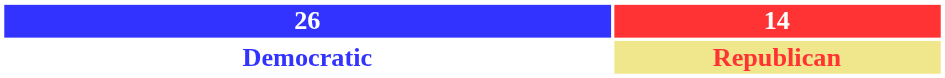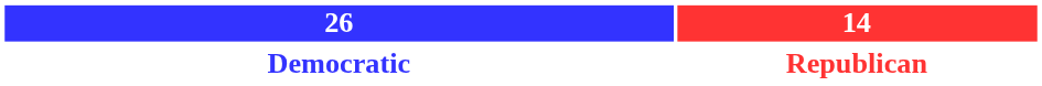 <table style="width:65%">
 <tr>
 <td scope="row" colspan="4" style="text-align:center"></td>
 </tr>
 <tr>
 <td scope="row" style="background:#33F; width:65%; text-align:center; color:white"><strong>26</strong></td>
 <td style="background:#F33; width:35%; text-align:center; color:white"><strong>14</strong></td>
 </tr>
 <tr>
 <td scope="row" style="text-align:center; color:#33F"><strong>Democratic</strong></td>
-<td style="background: khaki; text-align:center; color:#F33"><strong>Republican</strong></td>
+<td style="text-align:center; color:#F33"><strong>Republican</strong></td>
 </tr>
 </table>
